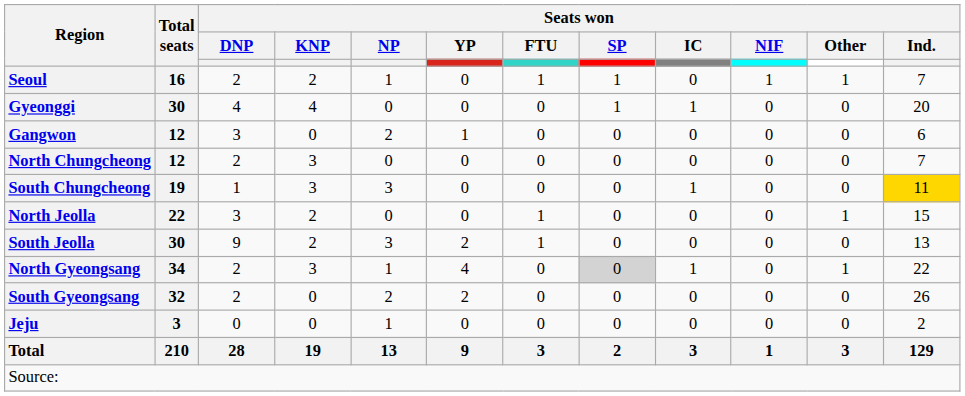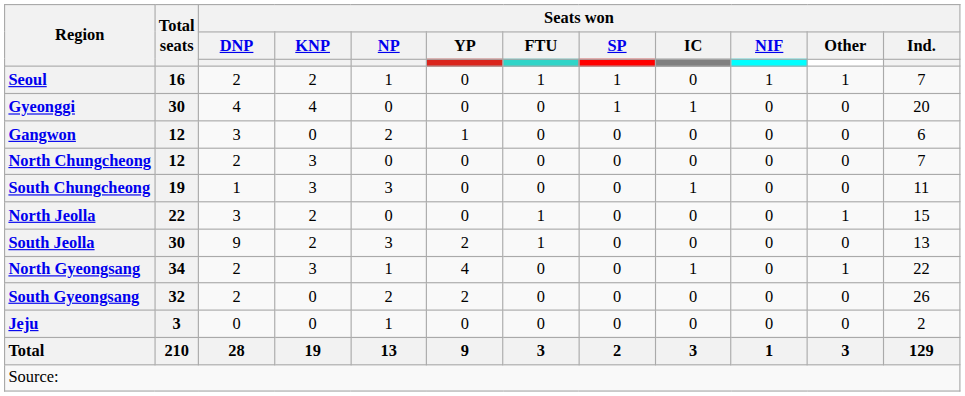 <table class="wikitable" style="text-align:center; font-size: 0.9em">
 <tr>
 <th rowspan="3">Region</th>
 <th rowspan="3">Total<br>seats</th>
 <th colspan="10">Seats won</th>
 </tr>
 <tr>
 <th class="unsortable" style="width:60px"><a href='#'>DNP</a></th>
 <th class="unsortable" style="width:60px"><a href='#'>KNP</a></th>
 <th class="unsortable" style="width:60px"><a href='#'>NP</a></th>
 <th class="unsortable" style="width:60px">YP</th>
 <th class="unsortable" style="width:60px">FTU</th>
 <th class="unsortable" style="width:60px"><a href='#'>SP</a></th>
 <th class="unsortable" style="width:60px">IC</th>
 <th class="unsortable" style="width:60px"><a href='#'>NIF</a></th>
 <th class="unsortable" style="width:60px">Other</th>
 <th class="unsortable" style="width:60px">Ind.</th>
 </tr>
 <tr>
 <th style="background:"></th>
 <th style="background:"></th>
 <th style="background:"></th>
 <th style="background:#DA251D"></th>
 <th style="background:#30D5C8"></th>
 <th style="background:#FF0000"></th>
 <th style="background:#808080"></th>
 <th style="background:#00FFFF"></th>
 <th style="background:#FFFFFF"></th>
 <th style="background:"></th>
 </tr>
 <tr>
 <th style="text-align: left"><a href='#'>Seoul</a></th>
 <th>16</th>
 <td>2</td>
 <td>2</td>
 <td>1</td>
 <td>0</td>
 <td>1</td>
 <td>1</td>
 <td>0</td>
 <td>1</td>
 <td>1</td>
 <td>7</td>
 </tr>
 <tr>
 <th style="text-align: left"><a href='#'>Gyeonggi</a></th>
 <th>30</th>
 <td>4</td>
 <td>4</td>
 <td>0</td>
 <td>0</td>
 <td>0</td>
 <td>1</td>
 <td>1</td>
 <td>0</td>
 <td>0</td>
 <td>20</td>
 </tr>
 <tr>
 <th style="text-align: left"><a href='#'>Gangwon</a></th>
 <th>12</th>
 <td>3</td>
 <td>0</td>
 <td>2</td>
 <td>1</td>
 <td>0</td>
 <td>0</td>
 <td>0</td>
 <td>0</td>
 <td>0</td>
 <td>6</td>
 </tr>
 <tr>
 <th style="text-align: left"><a href='#'>North Chungcheong</a></th>
 <th>12</th>
 <td>2</td>
 <td>3</td>
 <td>0</td>
 <td>0</td>
 <td>0</td>
 <td>0</td>
 <td>0</td>
 <td>0</td>
 <td>0</td>
 <td>7</td>
 </tr>
 <tr>
 <th style="text-align: left"><a href='#'>South Chungcheong</a></th>
 <th>19</th>
 <td>1</td>
 <td>3</td>
 <td>3</td>
 <td>0</td>
 <td>0</td>
 <td>0</td>
 <td>1</td>
 <td>0</td>
 <td>0</td>
-<td style="background: gold;">11</td>
+<td>11</td>
 </tr>
 <tr>
 <th style="text-align: left"><a href='#'>North Jeolla</a></th>
 <th>22</th>
 <td>3</td>
 <td>2</td>
 <td>0</td>
 <td>0</td>
 <td>1</td>
 <td>0</td>
 <td>0</td>
 <td>0</td>
 <td>1</td>
 <td>15</td>
 </tr>
 <tr>
 <th style="text-align: left"><a href='#'>South Jeolla</a></th>
 <th>30</th>
 <td>9</td>
 <td>2</td>
 <td>3</td>
 <td>2</td>
 <td>1</td>
 <td>0</td>
 <td>0</td>
 <td>0</td>
 <td>0</td>
 <td>13</td>
 </tr>
 <tr>
 <th style="text-align: left"><a href='#'>North Gyeongsang</a></th>
 <th>34</th>
 <td>2</td>
 <td>3</td>
 <td>1</td>
 <td>4</td>
 <td>0</td>
-<td style="background: lightgrey;">0</td>
+<td>0</td>
 <td>1</td>
 <td>0</td>
 <td>1</td>
 <td>22</td>
 </tr>
 <tr>
 <th style="text-align: left"><a href='#'>South Gyeongsang</a></th>
 <th>32</th>
 <td>2</td>
 <td>0</td>
 <td>2</td>
 <td>2</td>
 <td>0</td>
 <td>0</td>
 <td>0</td>
 <td>0</td>
 <td>0</td>
 <td>26</td>
 </tr>
 <tr>
 <th style="text-align: left"><a href='#'>Jeju</a></th>
 <th>3</th>
 <td>0</td>
 <td>0</td>
 <td>1</td>
 <td>0</td>
 <td>0</td>
 <td>0</td>
 <td>0</td>
 <td>0</td>
 <td>0</td>
 <td>2</td>
 </tr>
 <tr class="sortbottom">
 <th style="text-align: left">Total</th>
 <th>210</th>
 <th>28</th>
 <th>19</th>
 <th>13</th>
 <th>9</th>
 <th>3</th>
 <th>2</th>
 <th>3</th>
 <th>1</th>
 <th>3</th>
 <th>129</th>
 </tr>
 <tr>
 <td align=left colspan=12>Source: </td>
 </tr>
 </table>
